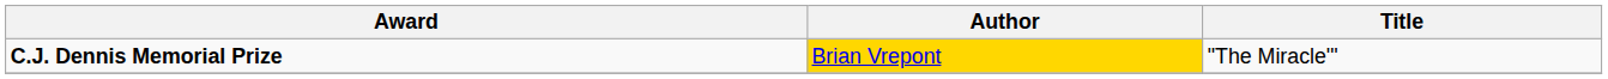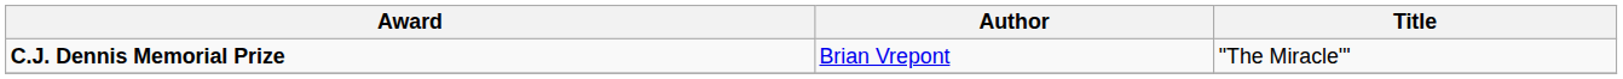 <table class="wikitable" width=95%>
 <tr>
 <th>Award</th>
 <th>Author</th>
 <th>Title</th>
 </tr>
 <tr>
 <td><strong>C.J. Dennis Memorial Prize</strong></td>
-<td style="background: gold;"><a href='#'>Brian Vrepont</a></td>
+<td><a href='#'>Brian Vrepont</a></td>
 <td>"The Miracle'"</td>
 </tr>
 <tr>
 </tr>
 </table>
